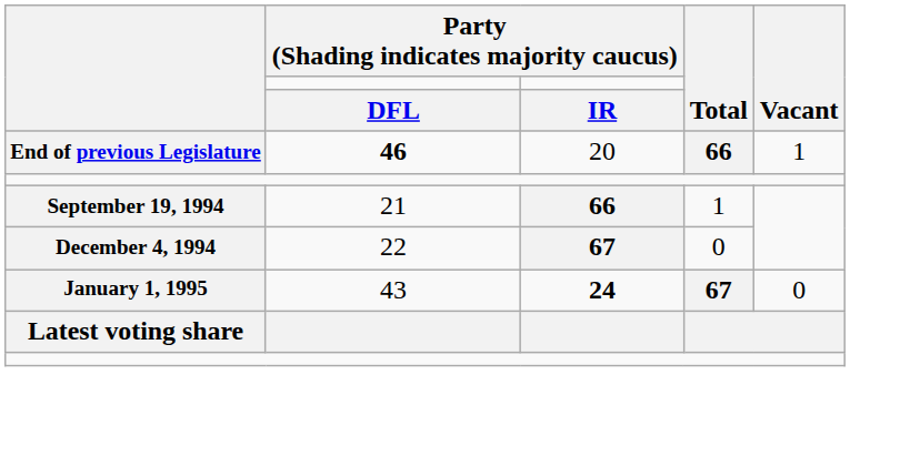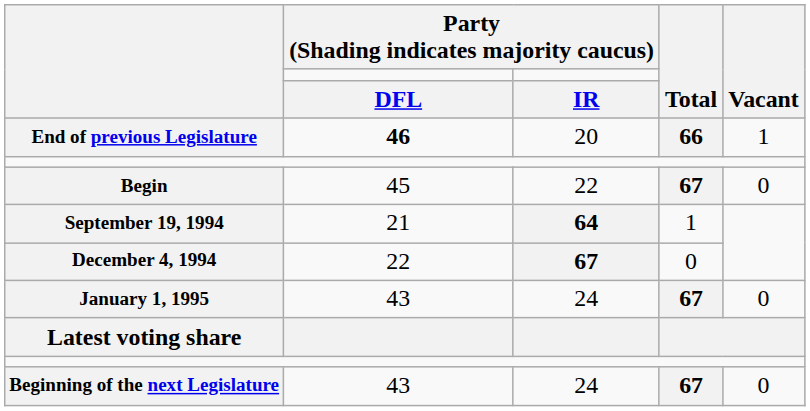 <table class=wikitable style="text-align:center">
 <tr style="vertical-align:bottom;">
 <th rowspan=3></th>
 <th colspan=2>Party <div>(Shading indicates majority caucus)</div></th>
 <th rowspan=3>Total</th>
 <th rowspan=3>Vacant</th>
 </tr>
 <tr style="height:5px">
 <td style="background-color:"></td>
 <td style="background-color:"></td>
 </tr>
 <tr>
 <th><a href='#'>DFL</a></th>
 <th><a href='#'>IR</a></th>
 </tr>
 <tr>
 <th style="white-space:nowrap; font-size:80%;">End of <a href='#'>previous Legislature</a></th>
 <td><strong>46</strong></td>
 <td>20</td>
 <th>66</th>
 <td>1</td>
 </tr>
 <tr>
 <td colspan=5></td>
 </tr>
 <tr>
+<th style="font-size:80%">Begin</th>
+<td>45</td>
+<td>22</td>
+<th>67</th>
+<td>0</td>
+</tr>
+<tr>
 <th style="font-size:80%">September 19, 1994 </th>
 <td>21</td>
-<th>66</th>
+<th>64</th>
 <td>1</td>
 </tr>
 <tr>
 <th style="font-size:80%">December 4, 1994 </th>
 <td>22</td>
 <th>67</th>
 <td>0</td>
 </tr>
 <tr>
 <th style="font-size:80%">January 1, 1995 </th>
 <td>43</td>
-<td><strong>24</strong></td>
+<td>24</td>
 <th>67</th>
 <td>0</td>
 </tr>
 <tr>
 <th>Latest voting share</th>
 <th></th>
 <th></th>
 <th colspan=2></th>
 </tr>
 <tr>
 <td colspan=5></td>
 </tr>
+<tr>
+<th style="white-space:nowrap; font-size:80%;">Beginning of the <a href='#'>next Legislature</a></th>
+<td>43</td>
+<td>24</td>
+<th>67</th>
+<td>0</td>
+</tr>
 </table>
